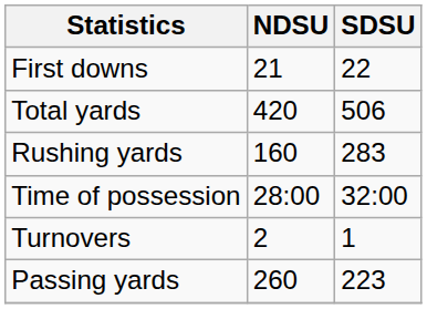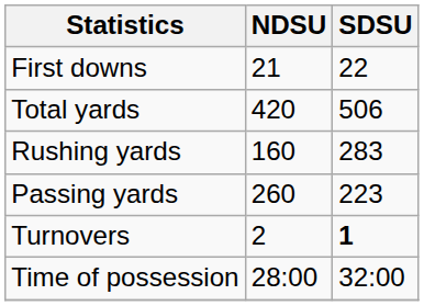 <table class="wikitable">
 <tr>
 <th>Statistics</th>
 <th>NDSU</th>
 <th>SDSU</th>
 </tr>
 <tr>
 <td>First downs</td>
 <td>21</td>
 <td>22</td>
 </tr>
 <tr>
 <td>Total yards</td>
 <td>420</td>
 <td>506</td>
 </tr>
 <tr>
 <td>Rushing yards</td>
 <td>160</td>
 <td>283</td>
 </tr>
 <tr>
+<td>Passing yards</td>
+<td>260</td>
+<td>223</td>
+</tr>
+<tr>
+<td>Turnovers</td>
+<td>2</td>
+<td><strong>1</strong></td>
+</tr>
+<tr>
 <td>Time of possession</td>
 <td>28:00</td>
 <td>32:00</td>
 </tr>
 <tr>
-<td>Turnovers</td>
-<td>2</td>
-<td>1</td>
-</tr>
-<tr>
-<td>Passing yards</td>
-<td>260</td>
-<td>223</td>
-</tr>
-<tr>
 </tr>
 </table>
